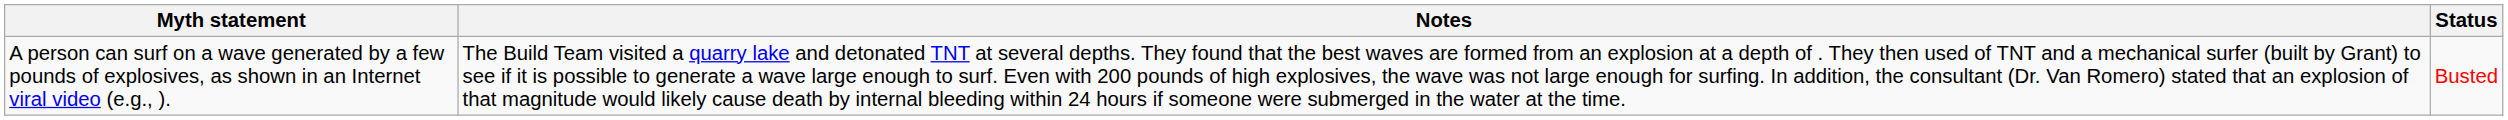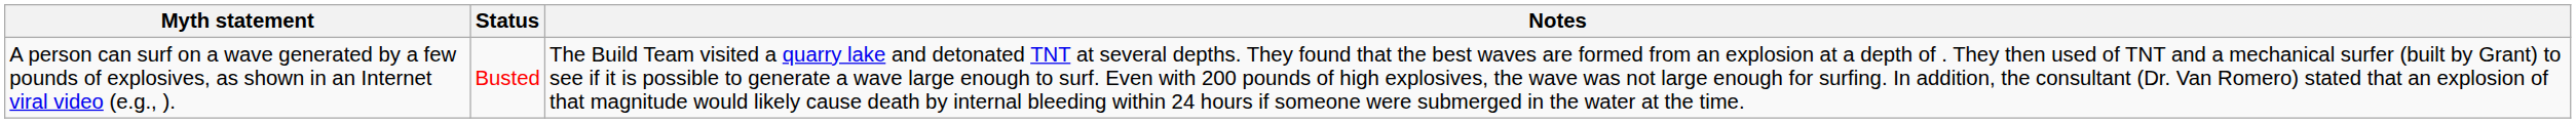 <table class="wikitable plainrowheaders">
 <tr>
 <th>Myth statement</th>
+<th>Status</th>
 <th>Notes</th>
-<th>Status</th>
 </tr>
 <tr>
 <td>A person can surf on a wave generated by a few pounds of explosives, as shown in an Internet <a href='#'>viral video</a> (e.g., ).</td>
+<td style="color:red">Busted</td>
 <td>The Build Team visited a <a href='#'>quarry lake</a> and detonated <a href='#'>TNT</a> at several depths. They found that the best waves are formed from an explosion at a depth of . They then used  of TNT and a mechanical surfer (built by Grant) to see if it is possible to generate a wave large enough to surf. Even with 200 pounds of high explosives, the wave was not large enough for surfing. In addition, the consultant (Dr. Van Romero) stated that an explosion of that magnitude would likely cause death by internal bleeding within 24 hours if someone were submerged in the water at the time.</td>
-<td style="color:red">Busted</td>
 </tr>
 </table>
